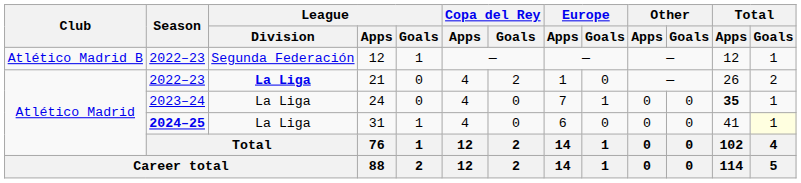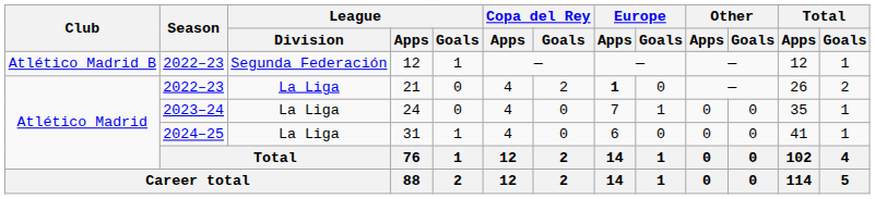 <table class="wikitable" style="text-align: center;">
 <tr>
 <th rowspan="2">Club</th>
 <th rowspan="2">Season</th>
 <th colspan="3">League</th>
 <th colspan="2"><a href='#'>Copa del Rey</a></th>
 <th colspan="2"><a href='#'>Europe</a></th>
 <th colspan="2">Other</th>
 <th colspan="2">Total</th>
 </tr>
 <tr>
 <th>Division</th>
 <th>Apps</th>
 <th>Goals</th>
 <th>Apps</th>
 <th>Goals</th>
 <th>Apps</th>
 <th>Goals</th>
 <th>Apps</th>
 <th>Goals</th>
 <th>Apps</th>
 <th>Goals</th>
 </tr>
 <tr>
 <td><a href='#'>Atlético Madrid B</a></td>
 <td><a href='#'>2022–23</a></td>
 <td><a href='#'>Segunda Federación</a></td>
 <td>12</td>
 <td>1</td>
 <td colspan="2">—</td>
 <td colspan="2">—</td>
 <td colspan="2">—</td>
 <td>12</td>
 <td>1</td>
 </tr>
 <tr>
 <td rowspan="4"><a href='#'>Atlético Madrid</a></td>
 <td><a href='#'>2022–23</a></td>
-<td><strong><a href='#'>La Liga</a></strong></td>
+<td><a href='#'>La Liga</a></td>
 <td>21</td>
 <td>0</td>
 <td>4</td>
 <td>2</td>
-<td>1</td>
+<td><strong>1</strong></td>
 <td>0</td>
 <td colspan="2">—</td>
 <td>26</td>
 <td>2</td>
 </tr>
 <tr>
 <td><a href='#'>2023–24</a></td>
 <td>La Liga</td>
 <td>24</td>
 <td>0</td>
 <td>4</td>
 <td>0</td>
 <td>7</td>
 <td>1</td>
 <td>0</td>
 <td>0</td>
-<td><strong>35</strong></td>
+<td>35</td>
 <td>1</td>
 </tr>
 <tr>
-<td><strong><a href='#'>2024–25</a></strong></td>
+<td><a href='#'>2024–25</a></td>
 <td>La Liga</td>
 <td>31</td>
 <td>1</td>
 <td>4</td>
 <td>0</td>
 <td>6</td>
 <td>0</td>
 <td>0</td>
 <td>0</td>
 <td>41</td>
-<td style="background: lightyellow;">1</td>
+<td>1</td>
 </tr>
 <tr>
 <th colspan="2">Total</th>
 <th>76</th>
 <th>1</th>
 <th>12</th>
 <th>2</th>
 <th>14</th>
 <th>1</th>
 <th>0</th>
 <th>0</th>
 <th>102</th>
 <th>4</th>
 </tr>
 <tr>
 <th colspan="3">Career total</th>
 <th>88</th>
 <th>2</th>
 <th>12</th>
 <th>2</th>
 <th>14</th>
 <th>1</th>
 <th>0</th>
 <th>0</th>
 <th>114</th>
 <th>5</th>
 </tr>
 </table>
